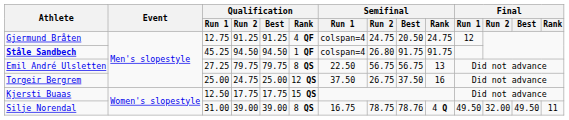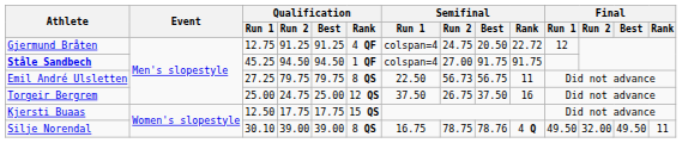 <table class="wikitable" style="font-size:90%">
 <tr>
 <th rowspan="2">Athlete</th>
 <th rowspan="2">Event</th>
 <th colspan="4">Qualification</th>
 <th colspan="4">Semifinal</th>
 <th colspan="4">Final</th>
 </tr>
 <tr style="font-size:95%">
 <th>Run 1</th>
 <th>Run 2</th>
 <th>Best</th>
 <th>Rank</th>
 <th>Run 1</th>
 <th>Run 2</th>
 <th>Best</th>
 <th>Rank</th>
 <th>Run 1</th>
 <th>Run 2</th>
 <th>Best</th>
 <th>Rank</th>
 </tr>
 <tr align=center>
 <td align=left><a href='#'>Gjermund Bråten</a></td>
 <td align=left rowspan=4><a href='#'>Men's slopestyle</a></td>
 <td>12.75</td>
 <td>91.25</td>
 <td>91.25</td>
 <td>4 <strong>QF</strong></td>
 <td>colspan=4 </td>
 <td>24.75</td>
 <td>20.50</td>
-<td>24.75</td>
+<td>22.72</td>
 <td>12</td>
 </tr>
 <tr align=center>
 <td align=left><strong><a href='#'>Ståle Sandbech</a></strong></td>
 <td>45.25</td>
 <td>94.50</td>
 <td>94.50</td>
 <td>1 <strong>QF</strong></td>
 <td>colspan=4 </td>
-<td>26.80</td>
+<td>27.00</td>
 <td>91.75</td>
 <td>91.75</td>
 <td></td>
 </tr>
 <tr align=center>
 <td align=left><a href='#'>Emil André Ulsletten</a></td>
 <td>27.25</td>
 <td>79.75</td>
 <td>79.75</td>
 <td>8 <strong>QS</strong></td>
 <td>22.50</td>
+<td>56.73</td>
 <td>56.75</td>
-<td>56.75</td>
-<td>13</td>
+<td>11</td>
 <td colspan=4>Did not advance</td>
 </tr>
 <tr align=center>
 <td align=left><a href='#'>Torgeir Bergrem</a></td>
 <td>25.00</td>
 <td>24.75</td>
 <td>25.00</td>
 <td>12 <strong>QS</strong></td>
 <td>37.50</td>
 <td>26.75</td>
 <td>37.50</td>
 <td>16</td>
 <td colspan=4>Did not advance</td>
 </tr>
 <tr align=center>
 <td align=left><a href='#'>Kjersti Buaas</a></td>
 <td align=left rowspan=2><a href='#'>Women's slopestyle</a></td>
 <td>12.50</td>
 <td>17.75</td>
 <td>17.75</td>
 <td>15 <strong>QS</strong></td>
 <td colspan=4></td>
 <td colspan=4>Did not advance</td>
 </tr>
 <tr align=center>
 <td align=left><a href='#'>Silje Norendal</a></td>
-<td>31.00</td>
+<td>30.10</td>
 <td>39.00</td>
 <td>39.00</td>
 <td>8 <strong>QS</strong></td>
 <td>16.75</td>
 <td>78.75</td>
 <td>78.76</td>
 <td>4 <strong>Q</strong></td>
 <td>49.50</td>
 <td>32.00</td>
 <td>49.50</td>
 <td>11</td>
 </tr>
 </table>
